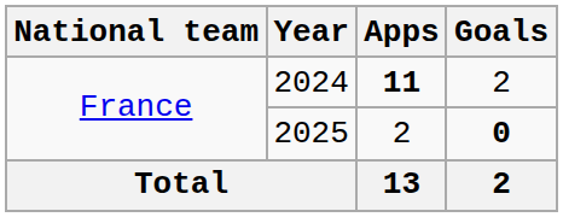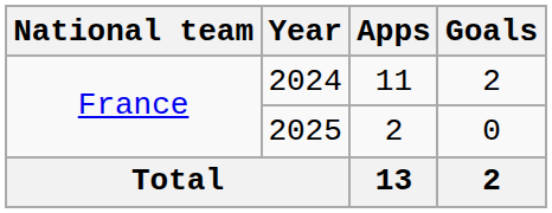 <table class=wikitable style="text-align: center;">
 <tr>
 <th>National team</th>
 <th>Year</th>
 <th>Apps</th>
 <th>Goals</th>
 </tr>
 <tr>
 <td rowspan="2"><a href='#'>France</a></td>
 <td>2024</td>
-<td><strong>11</strong></td>
+<td>11</td>
 <td>2</td>
 </tr>
 <tr>
 <td>2025</td>
 <td>2</td>
-<td><strong>0</strong></td>
+<td>0</td>
 </tr>
 <tr>
 <th colspan="2">Total</th>
 <th>13</th>
 <th>2</th>
 </tr>
 </table>
